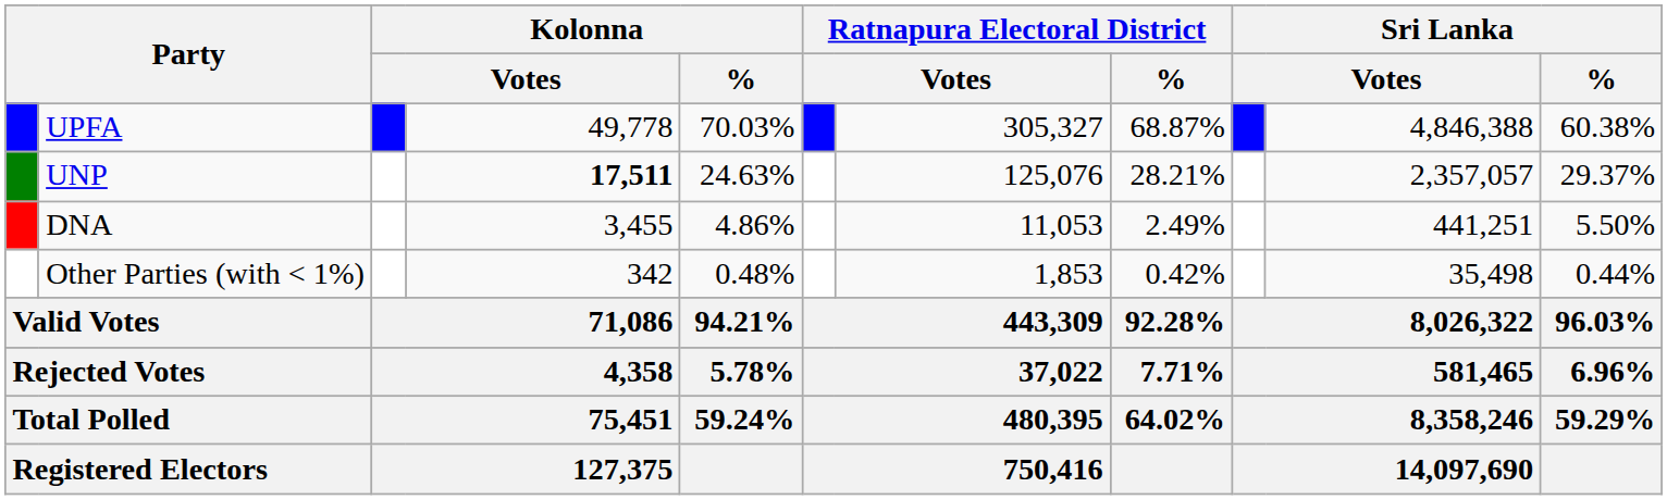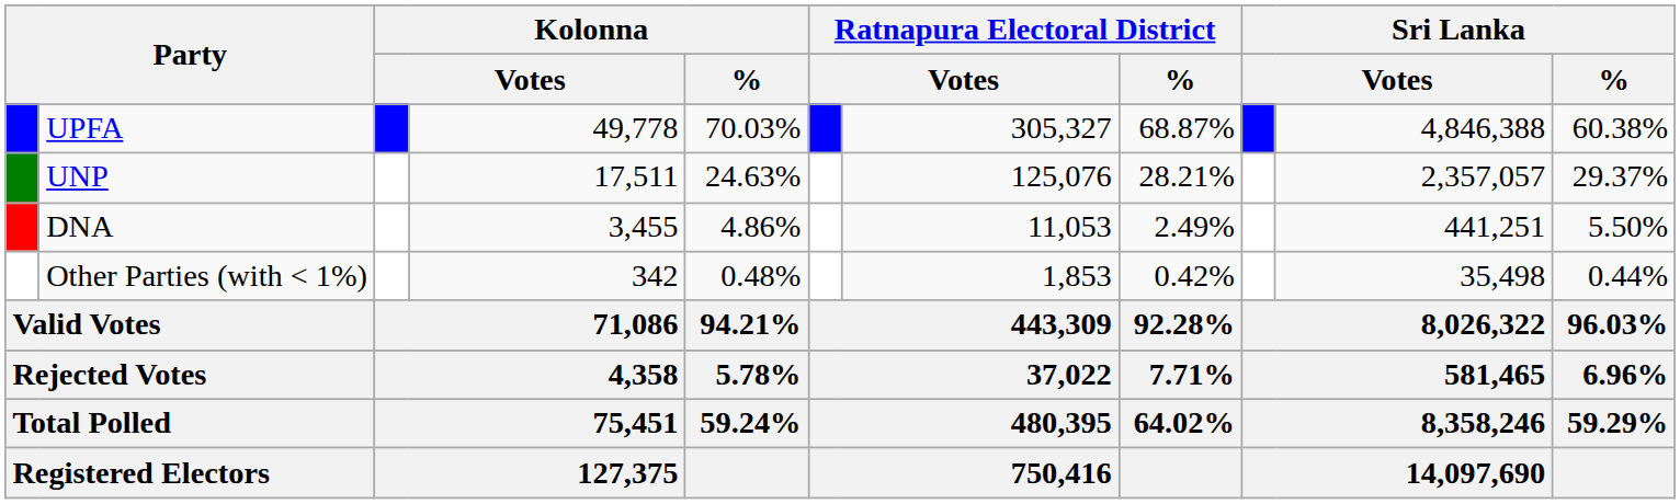 <table class="wikitable">
 <tr>
 <th colspan="2" width="144px"rowspan="2">Party</th>
 <th colspan="3" width="216px">Kolonna</th>
 <th colspan="3" width="216px"><a href='#'>Ratnapura Electoral District</a></th>
 <th colspan="3" width="216px">Sri Lanka</th>
 </tr>
 <tr>
 <th colspan="2" width="144px">Votes</th>
 <th>%</th>
 <th colspan="2" width="144px">Votes</th>
 <th>%</th>
 <th colspan="2" width="144px">Votes</th>
 <th>%</th>
 </tr>
 <tr>
 <td style="background-color:blue;" width="10px"></td>
 <td style="text-align:left;"><a href='#'>UPFA</a></td>
 <td style="background-color:blue;" width="10px"></td>
 <td style="text-align:right;">49,778</td>
 <td style="text-align:right;">70.03%</td>
 <td style="background-color:blue;" width="10px"></td>
 <td style="text-align:right;">305,327</td>
 <td style="text-align:right;">68.87%</td>
 <td style="background-color:blue;" width="10px"></td>
 <td style="text-align:right;">4,846,388</td>
 <td style="text-align:right;">60.38%</td>
 </tr>
 <tr>
 <td style="background-color:green;" width="10px"></td>
 <td style="text-align:left;"><a href='#'>UNP</a></td>
 <td style="background-color:white;" width="10px"></td>
-<td style="text-align:right;"><strong>17,511</strong></td>
+<td style="text-align:right;">17,511</td>
 <td style="text-align:right;">24.63%</td>
 <td style="background-color:white;" width="10px"></td>
 <td style="text-align:right;">125,076</td>
 <td style="text-align:right;">28.21%</td>
 <td style="background-color:white;" width="10px"></td>
 <td style="text-align:right;">2,357,057</td>
 <td style="text-align:right;">29.37%</td>
 </tr>
 <tr>
 <td style="background-color:red;" width="10px"></td>
 <td style="text-align:left;">DNA</td>
 <td style="background-color:white;" width="10px"></td>
 <td style="text-align:right;">3,455</td>
 <td style="text-align:right;">4.86%</td>
 <td style="background-color:white;" width="10px"></td>
 <td style="text-align:right;">11,053</td>
 <td style="text-align:right;">2.49%</td>
 <td style="background-color:white;" width="10px"></td>
 <td style="text-align:right;">441,251</td>
 <td style="text-align:right;">5.50%</td>
 </tr>
 <tr>
 <td style="background-color:white;" width="10px"></td>
 <td style="text-align:left;">Other Parties (with < 1%)</td>
 <td style="background-color:white;" width="10px"></td>
 <td style="text-align:right;">342</td>
 <td style="text-align:right;">0.48%</td>
 <td style="background-color:white;" width="10px"></td>
 <td style="text-align:right;">1,853</td>
 <td style="text-align:right;">0.42%</td>
 <td style="background-color:white;" width="10px"></td>
 <td style="text-align:right;">35,498</td>
 <td style="text-align:right;">0.44%</td>
 </tr>
 <tr>
 <th colspan="2" width="144px"style="text-align:left;">Valid Votes</th>
 <th style="text-align:right;"colspan="2" width="144px">71,086</th>
 <th style="text-align:right;">94.21%</th>
 <th style="text-align:right;"colspan="2" width="144px">443,309</th>
 <th style="text-align:right;">92.28%</th>
 <th style="text-align:right;"colspan="2" width="144px">8,026,322</th>
 <th style="text-align:right;">96.03%</th>
 </tr>
 <tr>
 <th colspan="2" width="144px"style="text-align:left;">Rejected Votes</th>
 <th style="text-align:right;"colspan="2" width="144px">4,358</th>
 <th style="text-align:right;">5.78%</th>
 <th style="text-align:right;"colspan="2" width="144px">37,022</th>
 <th style="text-align:right;">7.71%</th>
 <th style="text-align:right;"colspan="2" width="144px">581,465</th>
 <th style="text-align:right;">6.96%</th>
 </tr>
 <tr>
 <th colspan="2" width="144px"style="text-align:left;">Total Polled</th>
 <th style="text-align:right;"colspan="2" width="144px">75,451</th>
 <th style="text-align:right;">59.24%</th>
 <th style="text-align:right;"colspan="2" width="144px">480,395</th>
 <th style="text-align:right;">64.02%</th>
 <th style="text-align:right;"colspan="2" width="144px">8,358,246</th>
 <th style="text-align:right;">59.29%</th>
 </tr>
 <tr>
 <th colspan="2" width="144px"style="text-align:left;">Registered Electors</th>
 <th style="text-align:right;"colspan="2" width="144px">127,375</th>
 <th></th>
 <th style="text-align:right;"colspan="2" width="144px">750,416</th>
 <th></th>
 <th style="text-align:right;"colspan="2" width="144px">14,097,690</th>
 <th></th>
 </tr>
 </table>
